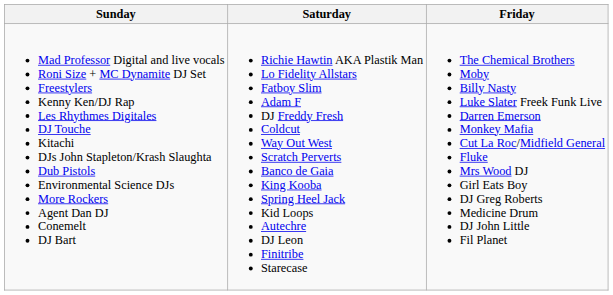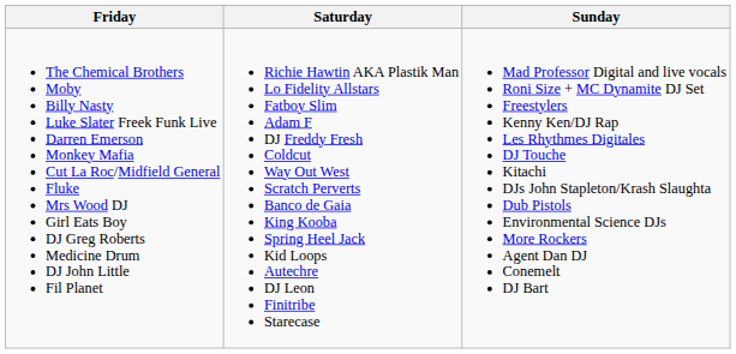 <table class="wikitable">
 <tr>
+<th>Friday</th>
+<th>Saturday</th>
 <th>Sunday</th>
-<th>Saturday</th>
-<th>Friday</th>
 </tr>
 <tr valign="top">
+<td><br><ul><li><a href='#'>The Chemical Brothers</a></li><li><a href='#'>Moby</a></li><li><a href='#'>Billy Nasty</a></li><li><a href='#'>Luke Slater</a> Freek Funk Live</li><li><a href='#'>Darren Emerson</a></li><li><a href='#'>Monkey Mafia</a></li><li><a href='#'>Cut La Roc</a>/<a href='#'>Midfield General</a></li><li><a href='#'>Fluke</a></li><li><a href='#'>Mrs Wood</a> DJ</li><li>Girl Eats Boy</li><li>DJ Greg Roberts</li><li>Medicine Drum</li><li>DJ John Little</li><li>Fil Planet</li></ul></td>
+<td><br><ul><li><a href='#'>Richie Hawtin</a> AKA Plastik Man</li><li><a href='#'>Lo Fidelity Allstars</a></li><li><a href='#'>Fatboy Slim</a></li><li><a href='#'>Adam F</a></li><li>DJ <a href='#'>Freddy Fresh</a></li><li><a href='#'>Coldcut</a></li><li><a href='#'>Way Out West</a></li><li><a href='#'>Scratch Perverts</a></li><li><a href='#'>Banco de Gaia</a></li><li><a href='#'>King Kooba</a></li><li><a href='#'>Spring Heel Jack</a></li><li>Kid Loops</li><li><a href='#'>Autechre</a></li><li>DJ Leon</li><li><a href='#'>Finitribe</a></li><li>Starecase</li></ul></td>
 <td><br><ul><li><a href='#'>Mad Professor</a> Digital and live vocals</li><li><a href='#'>Roni Size</a> + <a href='#'>MC Dynamite</a> DJ Set</li><li><a href='#'>Freestylers</a></li><li>Kenny Ken/DJ Rap</li><li><a href='#'>Les Rhythmes Digitales</a></li><li><a href='#'>DJ Touche</a></li><li>Kitachi</li><li>DJs John Stapleton/Krash Slaughta</li><li><a href='#'>Dub Pistols</a></li><li>Environmental Science DJs</li><li><a href='#'>More Rockers</a></li><li>Agent Dan DJ</li><li>Conemelt</li><li>DJ Bart</li></ul></td>
-<td><br><ul><li><a href='#'>Richie Hawtin</a> AKA Plastik Man</li><li><a href='#'>Lo Fidelity Allstars</a></li><li><a href='#'>Fatboy Slim</a></li><li><a href='#'>Adam F</a></li><li>DJ <a href='#'>Freddy Fresh</a></li><li><a href='#'>Coldcut</a></li><li><a href='#'>Way Out West</a></li><li><a href='#'>Scratch Perverts</a></li><li><a href='#'>Banco de Gaia</a></li><li><a href='#'>King Kooba</a></li><li><a href='#'>Spring Heel Jack</a></li><li>Kid Loops</li><li><a href='#'>Autechre</a></li><li>DJ Leon</li><li><a href='#'>Finitribe</a></li><li>Starecase</li></ul></td>
-<td><br><ul><li><a href='#'>The Chemical Brothers</a></li><li><a href='#'>Moby</a></li><li><a href='#'>Billy Nasty</a></li><li><a href='#'>Luke Slater</a> Freek Funk Live</li><li><a href='#'>Darren Emerson</a></li><li><a href='#'>Monkey Mafia</a></li><li><a href='#'>Cut La Roc</a>/<a href='#'>Midfield General</a></li><li><a href='#'>Fluke</a></li><li><a href='#'>Mrs Wood</a> DJ</li><li>Girl Eats Boy</li><li>DJ Greg Roberts</li><li>Medicine Drum</li><li>DJ John Little</li><li>Fil Planet</li></ul></td>
 </tr>
 </table>
